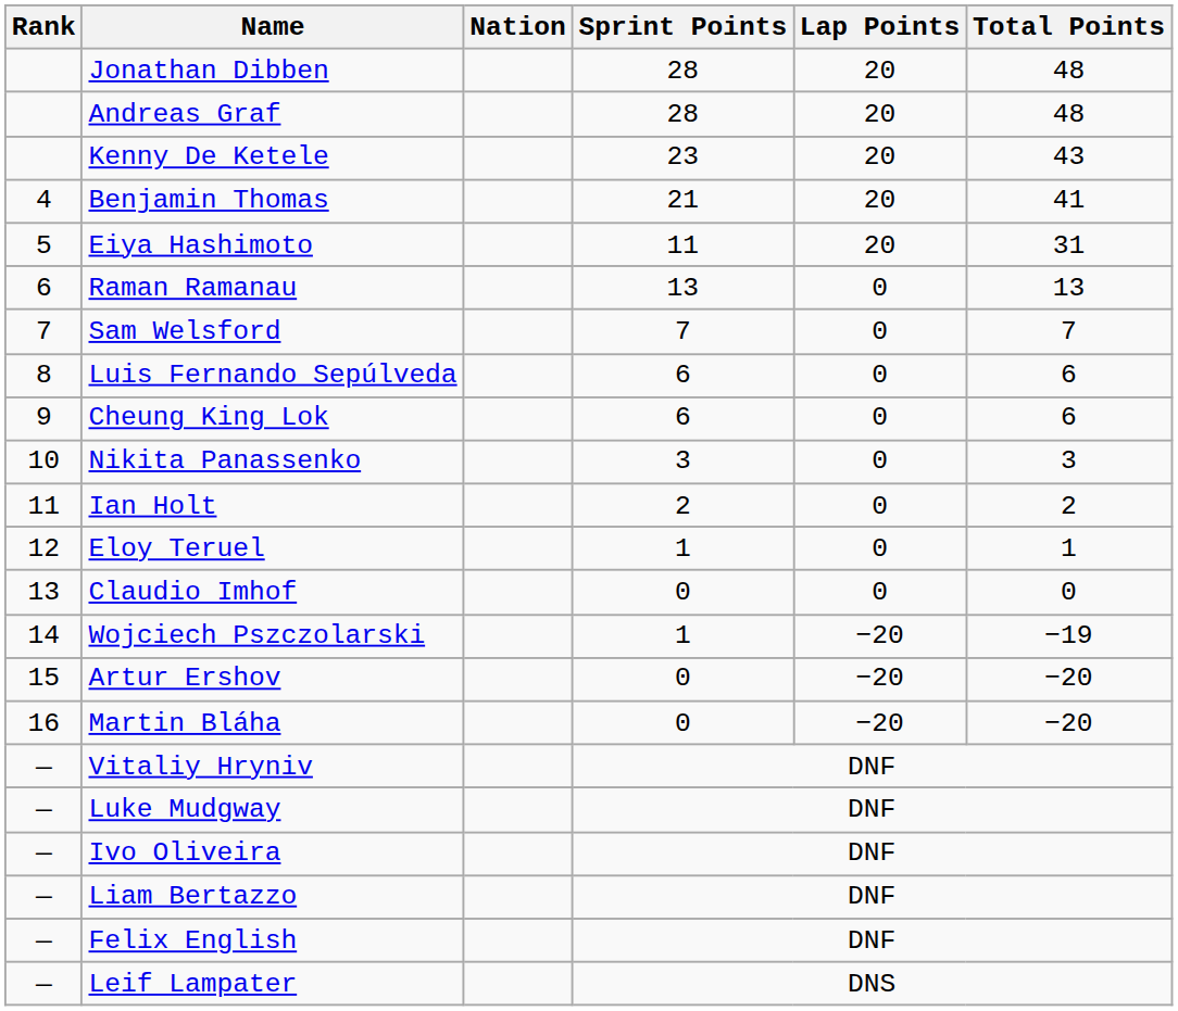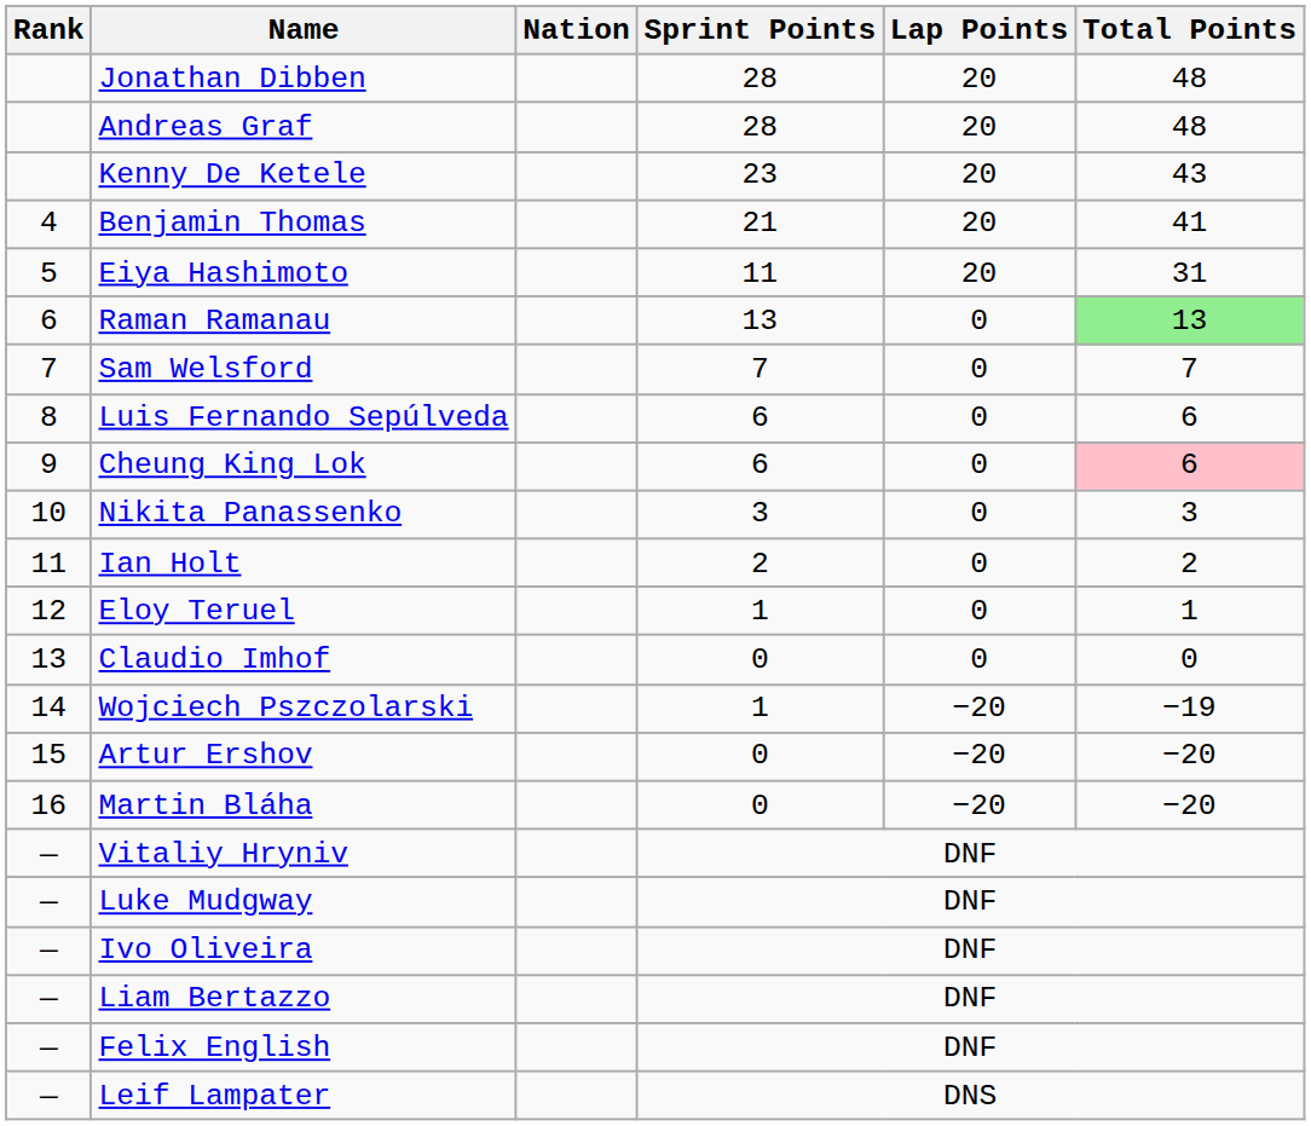 <table class="wikitable sortable" style="text-align:center">
 <tr>
 <th>Rank</th>
 <th>Name</th>
 <th>Nation</th>
 <th>Sprint Points</th>
 <th>Lap Points</th>
 <th>Total Points</th>
 </tr>
 <tr>
 <td></td>
 <td align=left><a href='#'>Jonathan Dibben</a></td>
 <td align=left></td>
 <td>28</td>
 <td>20</td>
 <td>48</td>
 </tr>
 <tr>
 <td></td>
 <td align=left><a href='#'>Andreas Graf</a></td>
 <td align=left></td>
 <td>28</td>
 <td>20</td>
 <td>48</td>
 </tr>
 <tr>
 <td></td>
 <td align=left><a href='#'>Kenny De Ketele</a></td>
 <td align=left></td>
 <td>23</td>
 <td>20</td>
 <td>43</td>
 </tr>
 <tr>
 <td>4</td>
 <td align=left><a href='#'>Benjamin Thomas</a></td>
 <td align=left></td>
 <td>21</td>
 <td>20</td>
 <td>41</td>
 </tr>
 <tr>
 <td>5</td>
 <td align=left><a href='#'>Eiya Hashimoto</a></td>
 <td align=left></td>
 <td>11</td>
 <td>20</td>
 <td>31</td>
 </tr>
 <tr>
 <td>6</td>
 <td align=left><a href='#'>Raman Ramanau</a></td>
 <td align=left></td>
 <td>13</td>
 <td>0</td>
-<td>13</td>
+<td style="background: lightgreen;">13</td>
 </tr>
 <tr>
 <td>7</td>
 <td align=left><a href='#'>Sam Welsford</a></td>
 <td align=left></td>
 <td>7</td>
 <td>0</td>
 <td>7</td>
 </tr>
 <tr>
 <td>8</td>
 <td align=left><a href='#'>Luis Fernando Sepúlveda</a></td>
 <td align=left></td>
 <td>6</td>
 <td>0</td>
 <td>6</td>
 </tr>
 <tr>
 <td>9</td>
 <td align=left><a href='#'>Cheung King Lok</a></td>
 <td align=left></td>
 <td>6</td>
 <td>0</td>
-<td>6</td>
+<td style="background: pink;">6</td>
 </tr>
 <tr>
 <td>10</td>
 <td align=left><a href='#'>Nikita Panassenko</a></td>
 <td align=left></td>
 <td>3</td>
 <td>0</td>
 <td>3</td>
 </tr>
 <tr>
 <td>11</td>
 <td align=left><a href='#'>Ian Holt</a></td>
 <td align=left></td>
 <td>2</td>
 <td>0</td>
 <td>2</td>
 </tr>
 <tr>
 <td>12</td>
 <td align=left><a href='#'>Eloy Teruel</a></td>
 <td align=left></td>
 <td>1</td>
 <td>0</td>
 <td>1</td>
 </tr>
 <tr>
 <td>13</td>
 <td align=left><a href='#'>Claudio Imhof</a></td>
 <td align=left></td>
 <td>0</td>
 <td>0</td>
 <td>0</td>
 </tr>
 <tr>
 <td>14</td>
 <td align=left><a href='#'>Wojciech Pszczolarski</a></td>
 <td align=left></td>
 <td>1</td>
 <td>−20</td>
 <td>−19</td>
 </tr>
 <tr>
 <td>15</td>
 <td align=left><a href='#'>Artur Ershov</a></td>
 <td align=left></td>
 <td>0</td>
 <td>−20</td>
 <td>−20</td>
 </tr>
 <tr>
 <td>16</td>
 <td align=left><a href='#'>Martin Bláha</a></td>
 <td align=left></td>
 <td>0</td>
 <td>−20</td>
 <td>−20</td>
 </tr>
 <tr>
 <td>—</td>
 <td align=left><a href='#'>Vitaliy Hryniv</a></td>
 <td align=left></td>
 <td colspan=3>DNF</td>
 </tr>
 <tr>
 <td>—</td>
 <td align=left><a href='#'>Luke Mudgway</a></td>
 <td align=left></td>
 <td colspan=3>DNF</td>
 </tr>
 <tr>
 <td>—</td>
 <td align=left><a href='#'>Ivo Oliveira</a></td>
 <td align=left></td>
 <td colspan=3>DNF</td>
 </tr>
 <tr>
 <td>—</td>
 <td align=left><a href='#'>Liam Bertazzo</a></td>
 <td align=left></td>
 <td colspan=3>DNF</td>
 </tr>
 <tr>
 <td>—</td>
 <td align=left><a href='#'>Felix English</a></td>
 <td align=left></td>
 <td colspan=3>DNF</td>
 </tr>
 <tr>
 <td>—</td>
 <td align=left><a href='#'>Leif Lampater</a></td>
 <td align=left></td>
 <td colspan=3>DNS</td>
 </tr>
 </table>
